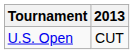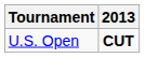 <table class="wikitable" style="font-size:95%;text-align:center;">
 <tr>
 <th>Tournament</th>
 <th>2013</th>
 </tr>
 <tr>
 <td align=left><a href='#'>U.S. Open</a></td>
-<td>CUT</td>
+<td><strong>CUT</strong></td>
 </tr>
 </table>
